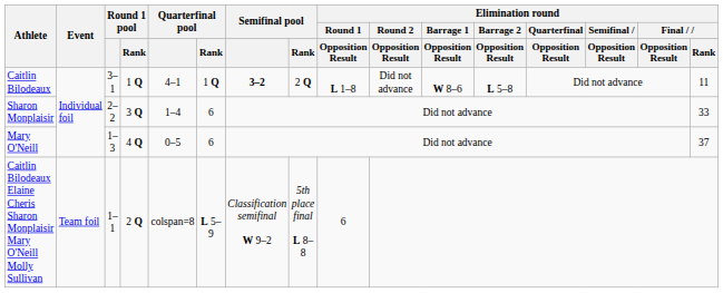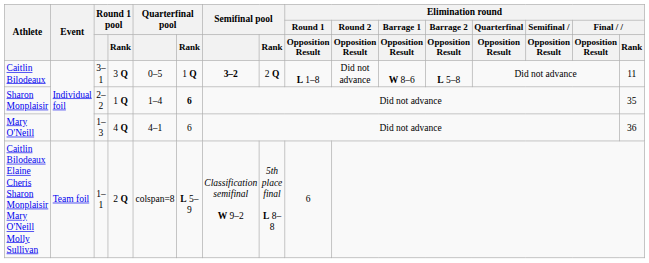 <table class=wikitable style=font-size:90%;text-align:center>
 <tr>
 <th rowspan=3>Athlete</th>
 <th rowspan=3>Event</th>
 <th rowspan=2 colspan=2>Round 1 pool</th>
 <th rowspan=2 colspan=2>Quarterfinal pool</th>
 <th rowspan=2 colspan=2>Semifinal pool</th>
 <th colspan=8>Elimination round</th>
 </tr>
 <tr style=font-size:95%>
 <th>Round 1</th>
 <th>Round 2</th>
 <th>Barrage 1</th>
 <th>Barrage 2</th>
 <th>Quarterfinal</th>
 <th>Semifinal / </th>
 <th colspan=2>Final /  / </th>
 </tr>
 <tr style=font-size:95%>
 <th></th>
 <th>Rank</th>
 <th></th>
 <th>Rank</th>
 <th></th>
 <th>Rank</th>
 <th>Opposition<br>Result</th>
 <th>Opposition<br>Result</th>
 <th>Opposition<br>Result</th>
 <th>Opposition<br>Result</th>
 <th>Opposition<br>Result</th>
 <th>Opposition<br>Result</th>
 <th>Opposition<br>Result</th>
 <th>Rank</th>
 </tr>
 <tr>
 <td align=left><a href='#'>Caitlin Bilodeaux</a></td>
 <td align=left rowspan=3><a href='#'>Individual foil</a></td>
 <td>3–1</td>
-<td>1 <strong>Q</strong></td>
-<td>4–1</td>
+<td>3 <strong>Q</strong></td>
+<td>0–5</td>
 <td>1 <strong>Q</strong></td>
 <td><strong>3–2</strong></td>
 <td>2 <strong>Q</strong></td>
 <td><br><strong>L</strong> 1–8</td>
 <td>Did not advance</td>
 <td><br><strong>W</strong> 8–6</td>
 <td><br><strong>L</strong> 5–8</td>
 <td colspan=3>Did not advance</td>
 <td>11</td>
 </tr>
 <tr>
 <td align=left><a href='#'>Sharon Monplaisir</a></td>
 <td>2–2</td>
-<td>3 <strong>Q</strong></td>
+<td>1 <strong>Q</strong></td>
 <td>1–4</td>
-<td>6</td>
+<td><strong>6</strong></td>
 <td colspan=9>Did not advance</td>
-<td>33</td>
+<td>35</td>
 </tr>
 <tr>
 <td align=left><a href='#'>Mary O'Neill</a></td>
 <td>1–3</td>
 <td>4 <strong>Q</strong></td>
-<td>0–5</td>
+<td>4–1</td>
 <td>6</td>
 <td colspan=9>Did not advance</td>
-<td>37</td>
+<td>36</td>
 </tr>
 <tr>
 <td align=left><a href='#'>Caitlin Bilodeaux</a><br><a href='#'>Elaine Cheris</a><br><a href='#'>Sharon Monplaisir</a><br><a href='#'>Mary O'Neill</a><br><a href='#'>Molly Sullivan</a></td>
 <td align=left><a href='#'>Team foil</a></td>
 <td>1–1</td>
 <td>2 <strong>Q</strong></td>
 <td>colspan=8 </td>
 <td><br><strong>L</strong> 5–9</td>
 <td><em>Classification semifinal</em><br><br><strong>W</strong> 9–2</td>
 <td><em>5th place final</em><br><br><strong>L</strong> 8–8</td>
 <td>6</td>
 </tr>
 </table>
